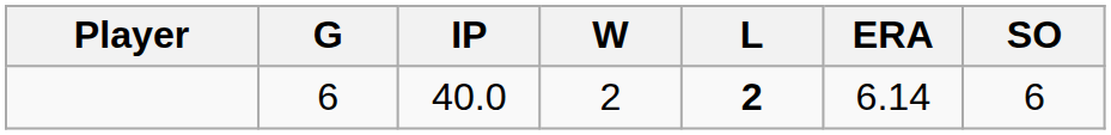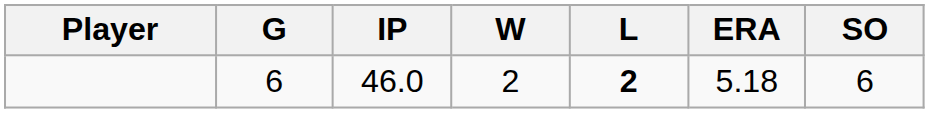 <table class="wikitable sortable">
 <tr>
 <th bgcolor="#DDDDFF" width="16%">Player</th>
 <th bgcolor="#DDDDFF" width="9%">G</th>
 <th bgcolor="#DDDDFF" width="9%">IP</th>
 <th bgcolor="#DDDDFF" width="9%">W</th>
 <th bgcolor="#DDDDFF" width="9%">L</th>
 <th bgcolor="#DDDDFF" width="9%">ERA</th>
 <th bgcolor="#DDDDFF" width="9%">SO</th>
 </tr>
 <tr align="center">
 <td></td>
 <td>6</td>
-<td>40.0</td>
+<td>46.0</td>
 <td>2</td>
 <td><strong>2</strong></td>
-<td>6.14</td>
+<td>5.18</td>
 <td>6</td>
 </tr>
 </table>
